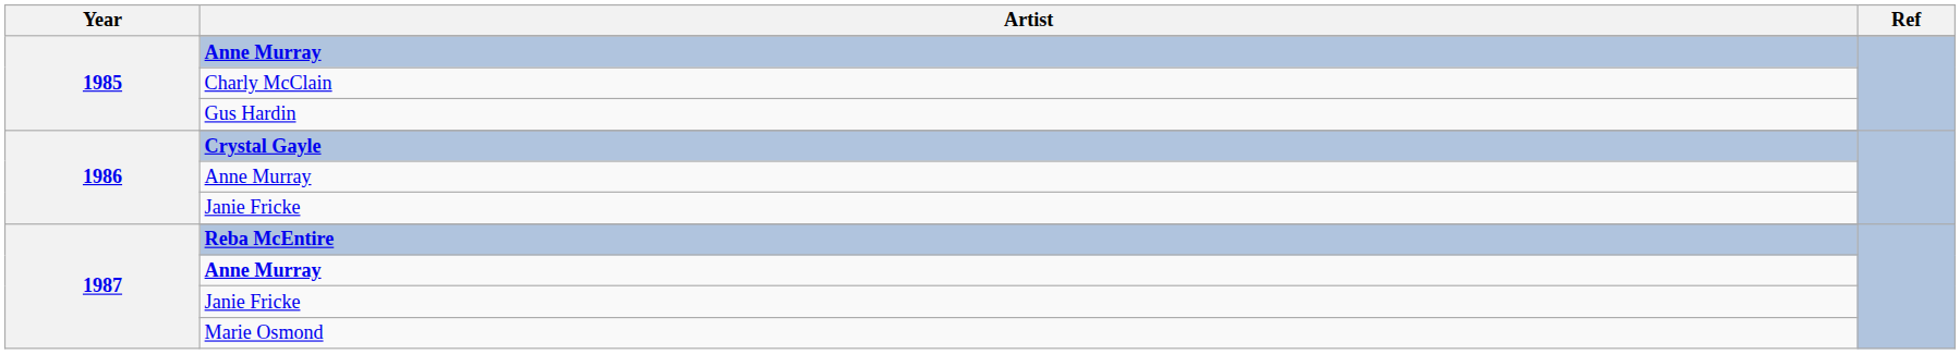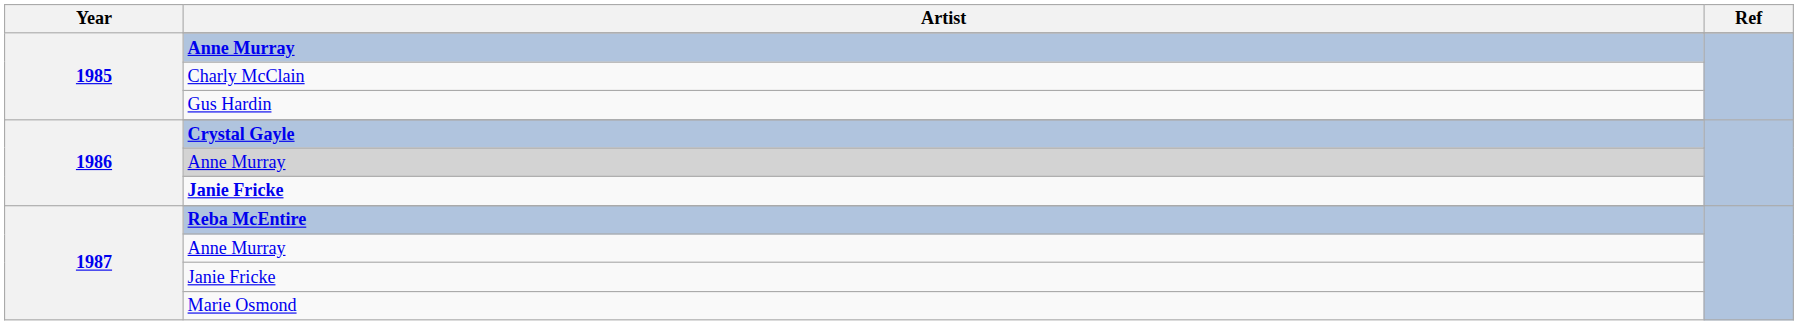 <table class="wikitable" width="100%">
 <tr>
 <th width="10%">Year</th>
 <th width="85%">Artist</th>
 <th width="5%">Ref</th>
 </tr>
 <tr>
 <th rowspan="4" align="center"><a href='#'>1985<br></a></th>
 </tr>
 <tr style="background:#B0C4DE">
 <td><strong><a href='#'>Anne Murray</a></strong></td>
 <td rowspan="4" align="center"></td>
 </tr>
 <tr>
 <td><a href='#'>Charly McClain</a></td>
 </tr>
 <tr>
 <td><a href='#'>Gus Hardin</a></td>
 </tr>
 <tr>
 <th rowspan="4" align="center"><a href='#'>1986<br></a></th>
 </tr>
 <tr style="background:#B0C4DE">
 <td><strong><a href='#'>Crystal Gayle</a></strong></td>
 <td rowspan="4" align="center"></td>
 </tr>
 <tr>
-<td><a href='#'>Anne Murray</a></td>
+<td style="background: lightgrey;"><a href='#'>Anne Murray</a></td>
 </tr>
 <tr>
-<td><a href='#'>Janie Fricke</a></td>
+<td><strong><a href='#'>Janie Fricke</a></strong></td>
 </tr>
 <tr>
 <th rowspan="5" align="center"><a href='#'>1987<br></a></th>
 </tr>
 <tr style="background:#B0C4DE">
 <td><strong><a href='#'>Reba McEntire</a></strong></td>
 <td rowspan="5" align="center"></td>
 </tr>
 <tr>
-<td><strong><a href='#'>Anne Murray</a></strong></td>
+<td><a href='#'>Anne Murray</a></td>
 </tr>
 <tr>
 <td><a href='#'>Janie Fricke</a></td>
 </tr>
 <tr>
 <td><a href='#'>Marie Osmond</a></td>
 </tr>
 </table>
